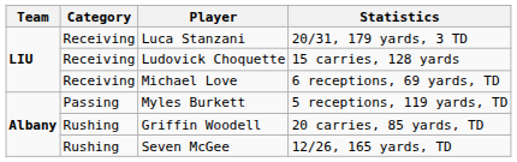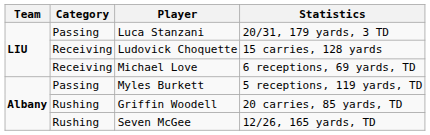 <table class="wikitable" style="float: right;">
 <tr>
 <th>Team</th>
 <th>Category</th>
 <th>Player</th>
 <th>Statistics</th>
 </tr>
 <tr>
 <td rowspan=3><strong>LIU</strong></td>
-<td>Receiving</td>
+<td>Passing</td>
 <td>Luca Stanzani</td>
 <td>20/31, 179 yards, 3 TD</td>
 </tr>
 <tr>
 <td>Receiving</td>
 <td>Ludovick Choquette</td>
 <td>15 carries, 128 yards</td>
 </tr>
 <tr>
 <td>Receiving</td>
 <td>Michael Love</td>
 <td>6 receptions, 69 yards, TD</td>
 </tr>
 <tr>
 <td rowspan=3><strong>Albany</strong></td>
 <td>Passing</td>
 <td>Myles Burkett</td>
 <td>5 receptions, 119 yards, TD</td>
 </tr>
 <tr>
 <td>Rushing</td>
 <td>Griffin Woodell</td>
 <td>20 carries, 85 yards, TD</td>
 </tr>
 <tr>
 <td>Rushing</td>
 <td>Seven McGee</td>
 <td>12/26, 165 yards, TD</td>
 </tr>
 </table>
